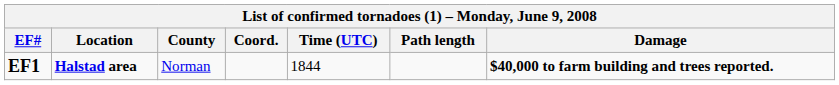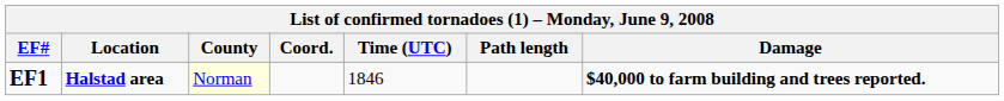 <table class="wikitable collapsible" width="100%">
 <tr>
 <th colspan="7">List of confirmed tornadoes (1) – Monday, June 9, 2008</th>
 </tr>
 <tr>
 <th><a href='#'>EF#</a></th>
 <th>Location</th>
 <th>County</th>
 <th>Coord.</th>
 <th>Time (<a href='#'>UTC</a>)</th>
 <th>Path length</th>
 <th>Damage</th>
 </tr>
 <tr>
 <td><big><strong>EF1</strong></big></td>
 <td><strong><a href='#'>Halstad</a> area</strong></td>
-<td><a href='#'>Norman</a></td>
+<td style="background: lightyellow;"><a href='#'>Norman</a></td>
 <td></td>
-<td>1844</td>
+<td>1846</td>
 <td></td>
 <td><strong>$40,000 to farm building and trees reported.</strong></td>
 </tr>
 </table>
